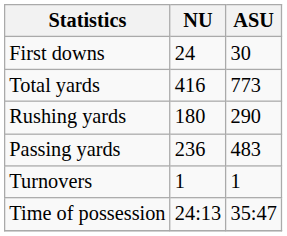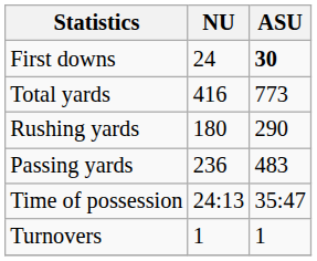 <table class="wikitable">
 <tr>
 <th>Statistics</th>
 <th>NU</th>
 <th>ASU</th>
 </tr>
 <tr>
 <td>First downs</td>
 <td>24</td>
-<td>30</td>
+<td><strong>30</strong></td>
 </tr>
 <tr>
 <td>Total yards</td>
 <td>416</td>
 <td>773</td>
 </tr>
 <tr>
 <td>Rushing yards</td>
 <td>180</td>
 <td>290</td>
 </tr>
 <tr>
 <td>Passing yards</td>
 <td>236</td>
 <td>483</td>
 </tr>
 <tr>
+<td>Time of possession</td>
+<td>24:13</td>
+<td>35:47</td>
+</tr>
+<tr>
 <td>Turnovers</td>
 <td>1</td>
 <td>1</td>
 </tr>
 <tr>
-<td>Time of possession</td>
-<td>24:13</td>
-<td>35:47</td>
-</tr>
-<tr>
 </tr>
 </table>
